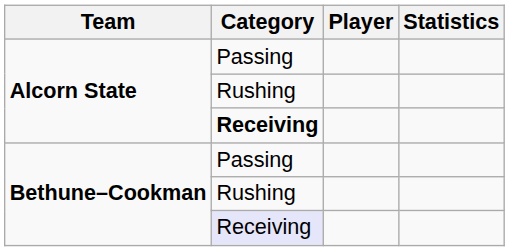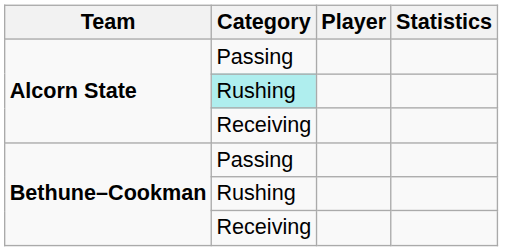 <table class="wikitable" style="float: left;">
 <tr>
 <th>Team</th>
 <th>Category</th>
 <th>Player</th>
 <th>Statistics</th>
 </tr>
 <tr>
 <td rowspan=3><strong>Alcorn State</strong></td>
 <td>Passing</td>
 <td> </td>
 <td> </td>
 </tr>
 <tr>
-<td>Rushing</td>
+<td style="background: paleturquoise;">Rushing</td>
 <td> </td>
 <td> </td>
 </tr>
 <tr>
-<td><strong>Receiving</strong></td>
+<td>Receiving</td>
 <td> </td>
 <td> </td>
 </tr>
 <tr>
 <td rowspan=3><strong>Bethune–Cookman</strong></td>
 <td>Passing</td>
 <td> </td>
 <td> </td>
 </tr>
 <tr>
 <td>Rushing</td>
 <td> </td>
 <td> </td>
 </tr>
 <tr>
-<td style="background: lavender;">Receiving</td>
+<td>Receiving</td>
 <td> </td>
 <td> </td>
 </tr>
 </table>
